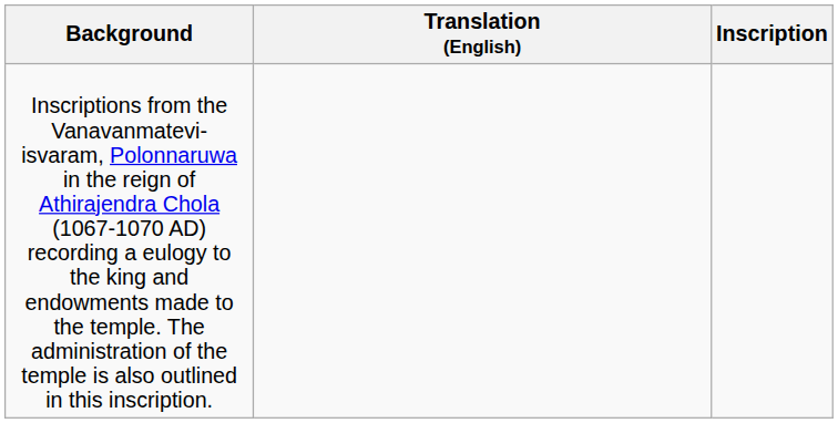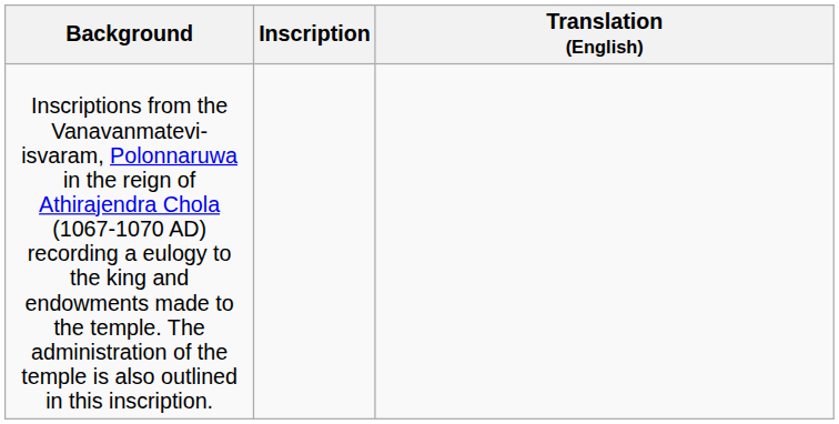 <table class="wikitable centre">
 <tr>
 <th scope="col" align=left>Background<br></th>
+<th>Inscription<br></th>
 <th>Translation<br><small>(English)</small></th>
-<th>Inscription<br></th>
 </tr>
 <tr>
 <td align=center width="30%"><br>Inscriptions from the Vanavanmatevi-isvaram, <a href='#'>Polonnaruwa</a> in the reign of <a href='#'>Athirajendra Chola</a> (1067-1070 AD) recording a eulogy to the king and endowments made to the temple. The administration of the temple is also outlined in this inscription.</td>
+<td align=center width="10%"><br>    </td>
 <td align=left><br></td>
-<td align=center width="10%"><br>    </td>
 </tr>
 </table>
